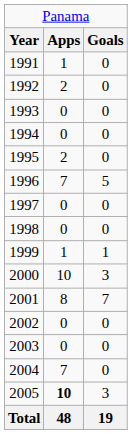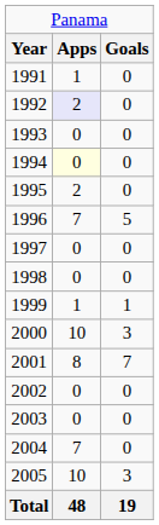 <table class="wikitable" style="text-align:center">
 <tr>
 <td colspan=3><a href='#'>Panama</a></td>
 </tr>
 <tr>
 <th>Year</th>
 <th>Apps</th>
 <th>Goals</th>
 </tr>
 <tr>
 <td>1991</td>
 <td>1</td>
 <td>0</td>
 </tr>
 <tr>
 <td>1992</td>
-<td>2</td>
+<td style="background: lavender;">2</td>
 <td>0</td>
 </tr>
 <tr>
 <td>1993</td>
 <td>0</td>
 <td>0</td>
 </tr>
 <tr>
 <td>1994</td>
-<td>0</td>
+<td style="background: lightyellow;">0</td>
 <td>0</td>
 </tr>
 <tr>
 <td>1995</td>
 <td>2</td>
 <td>0</td>
 </tr>
 <tr>
 <td>1996</td>
 <td>7</td>
 <td>5</td>
 </tr>
 <tr>
 <td>1997</td>
 <td>0</td>
 <td>0</td>
 </tr>
 <tr>
 <td>1998</td>
 <td>0</td>
 <td>0</td>
 </tr>
 <tr>
 <td>1999</td>
 <td>1</td>
 <td>1</td>
 </tr>
 <tr>
 <td>2000</td>
 <td>10</td>
 <td>3</td>
 </tr>
 <tr>
 <td>2001</td>
 <td>8</td>
 <td>7</td>
 </tr>
 <tr>
 <td>2002</td>
 <td>0</td>
 <td>0</td>
 </tr>
 <tr>
 <td>2003</td>
 <td>0</td>
 <td>0</td>
 </tr>
 <tr>
 <td>2004</td>
 <td>7</td>
 <td>0</td>
 </tr>
 <tr>
 <td>2005</td>
-<td><strong>10</strong></td>
+<td>10</td>
 <td>3</td>
 </tr>
 <tr>
 <th>Total</th>
 <th>48</th>
 <th>19</th>
 </tr>
 </table>
